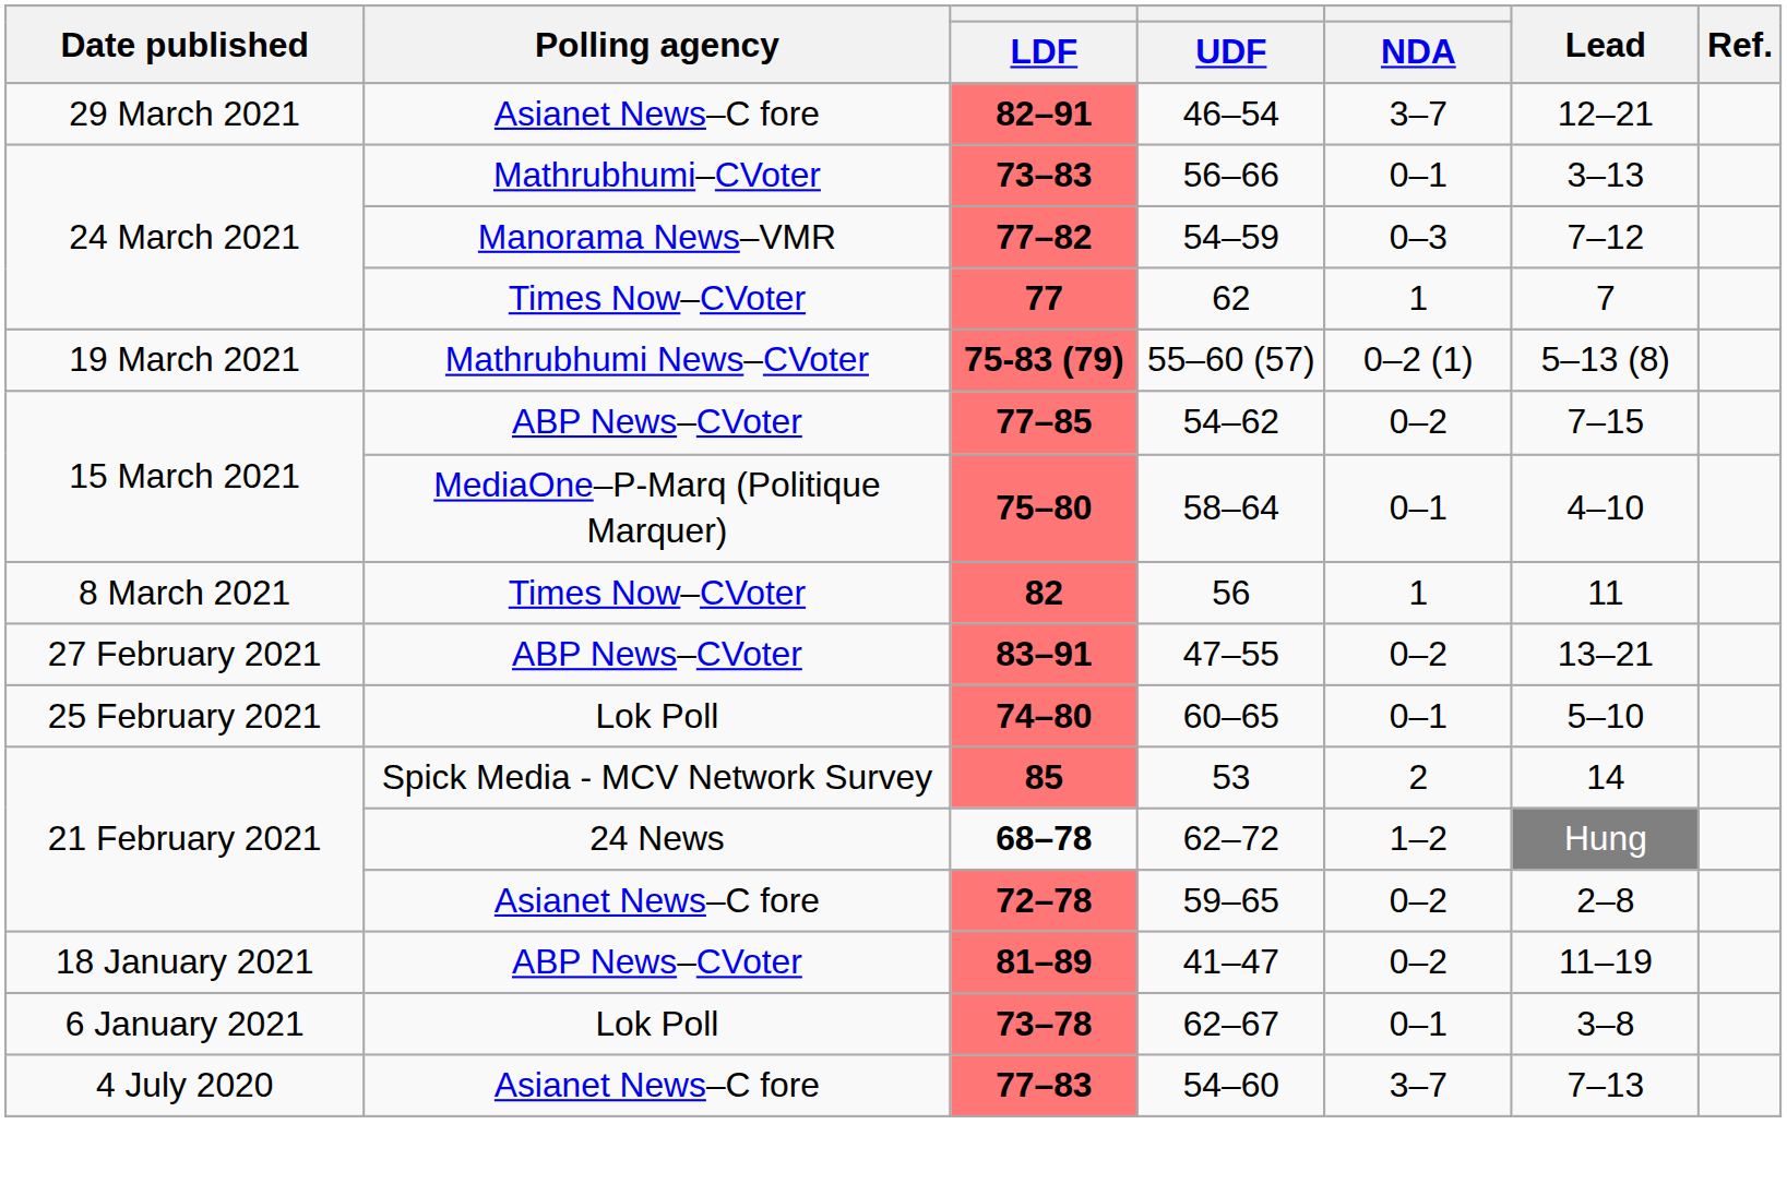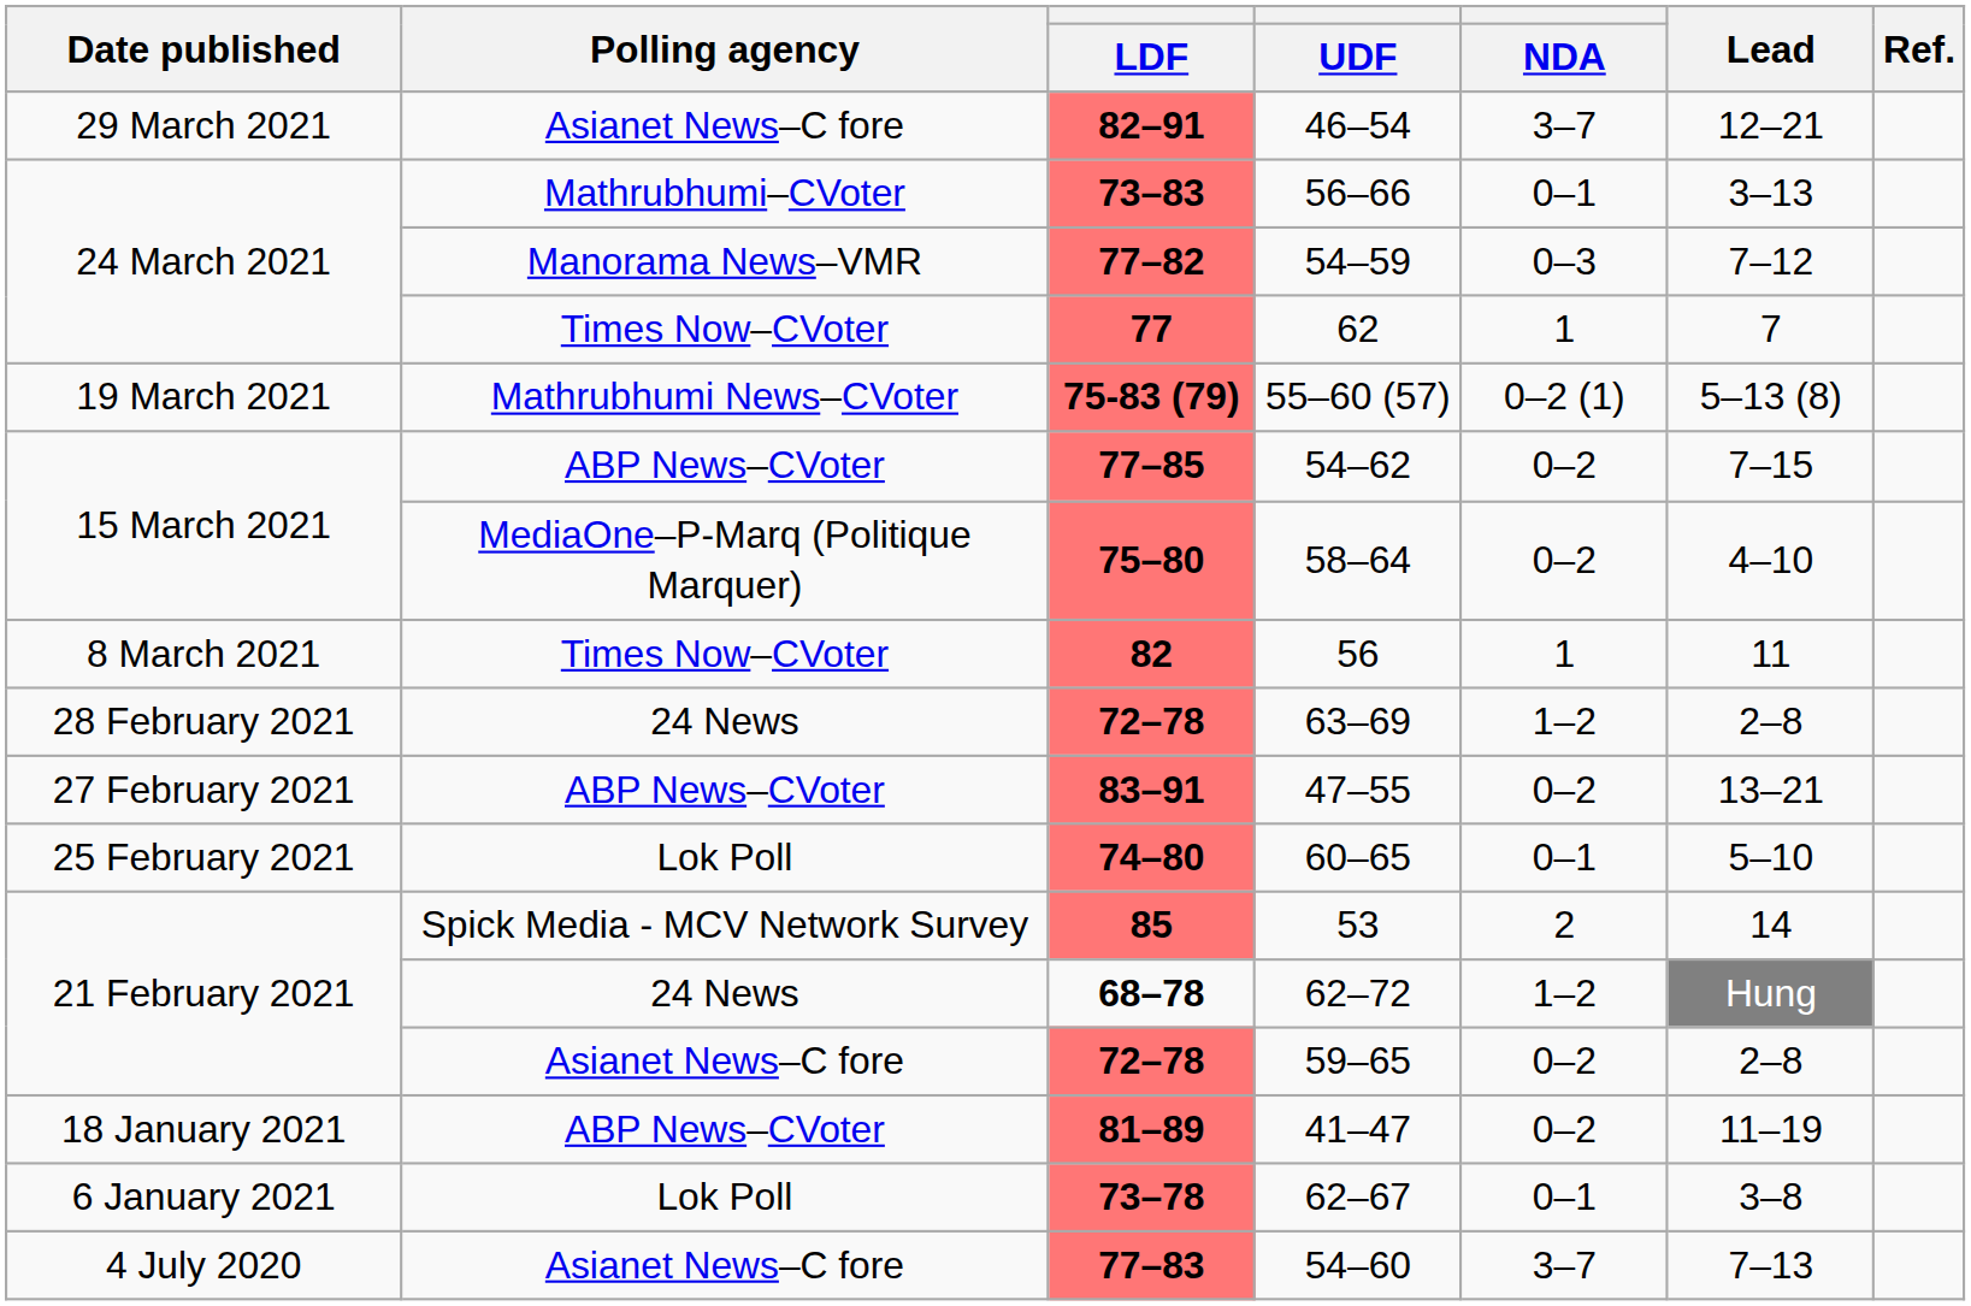 <table class="wikitable" style="text-align:center;font-size:95%;line-height:20px">
 <tr>
 <th rowspan="2" width="150px">Date published</th>
 <th rowspan="2" width="250px">Polling agency</th>
 <th style="color:inherit;background:"></th>
 <th style="color:inherit;background:"></th>
 <th style="color:inherit;background:"></th>
 <th rowspan="2" width="75px">Lead</th>
 <th rowspan="2">Ref.</th>
 </tr>
 <tr>
 <th style="width:75px;"><a href='#'>LDF</a></th>
 <th style="width:75px;"><a href='#'>UDF</a></th>
 <th style="width:75px;"><a href='#'>NDA</a></th>
 </tr>
 <tr>
 <td>29 March 2021</td>
 <td><a href='#'>Asianet News</a>–C fore</td>
 <td style="background:#FF7676;"><strong>82–91</strong></td>
 <td>46–54</td>
 <td>3–7</td>
 <td style="background:">12–21</td>
 <td></td>
 </tr>
 <tr>
 <td rowspan="3">24 March 2021</td>
 <td><a href='#'>Mathrubhumi</a>–<a href='#'>CVoter</a></td>
 <td style="background:#FF7676;"><strong>73–83</strong></td>
 <td>56–66</td>
 <td>0–1</td>
 <td style="background:">3–13</td>
 <td></td>
 </tr>
 <tr>
 <td><a href='#'>Manorama News</a>–VMR</td>
 <td style="background:#FF7676;"><strong>77–82</strong></td>
 <td>54–59</td>
 <td>0–3</td>
 <td style="background:">7–12</td>
 <td></td>
 </tr>
 <tr>
 <td><a href='#'>Times Now</a>–<a href='#'>CVoter</a></td>
 <td style="background:#FF7676;"><strong>77</strong></td>
 <td>62</td>
 <td>1</td>
 <td style="background:">7</td>
 <td></td>
 </tr>
 <tr>
 <td>19 March 2021</td>
 <td><a href='#'>Mathrubhumi News</a>–<a href='#'>CVoter</a></td>
 <td style="background:#FF7676;"><strong>75-83 (79)</strong></td>
 <td>55–60 (57)</td>
 <td>0–2 (1)</td>
 <td style="background:">5–13 (8)</td>
 <td></td>
 </tr>
 <tr>
 <td rowspan="2">15 March 2021</td>
 <td><a href='#'>ABP News</a>–<a href='#'>CVoter</a></td>
 <td style="background:#FF7676;"><strong>77–85</strong></td>
 <td>54–62</td>
 <td>0–2</td>
 <td style="background:">7–15</td>
 <td></td>
 </tr>
 <tr>
 <td><a href='#'>MediaOne</a>–P-Marq (Politique Marquer)</td>
 <td style="background:#FF7676;"><strong>75–80</strong></td>
 <td>58–64</td>
-<td>0–1</td>
+<td>0–2</td>
 <td style="background:">4–10</td>
 <td></td>
 </tr>
 <tr>
 <td>8 March 2021</td>
 <td><a href='#'>Times Now</a>–<a href='#'>CVoter</a></td>
 <td style="background:#FF7676;"><strong>82</strong></td>
 <td>56</td>
 <td>1</td>
 <td style="background:">11</td>
+<td></td>
+</tr>
+<tr>
+<td>28 February 2021</td>
+<td>24 News</td>
+<td style="background:#FF7676;"><strong>72–78</strong></td>
+<td>63–69</td>
+<td>1–2</td>
+<td style="background:">2–8</td>
 <td></td>
 </tr>
 <tr>
 <td>27 February 2021</td>
 <td><a href='#'>ABP News</a>–<a href='#'>CVoter</a></td>
 <td style="background:#FF7676;"><strong>83–91</strong></td>
 <td>47–55</td>
 <td>0–2</td>
 <td style="background:">13–21</td>
 <td></td>
 </tr>
 <tr>
 <td>25 February 2021</td>
 <td>Lok Poll</td>
 <td style="background:#FF7676;"><strong>74–80</strong></td>
 <td>60–65</td>
 <td>0–1</td>
 <td style="background:">5–10</td>
 <td></td>
 </tr>
 <tr>
 <td rowspan="3">21 February 2021</td>
 <td>Spick Media - MCV Network Survey</td>
 <td style="background:#FF7676;"><strong>85</strong></td>
 <td>53</td>
 <td>2</td>
 <td style="background:">14</td>
 <td></td>
 </tr>
 <tr>
 <td>24 News</td>
 <td><strong>68–78</strong></td>
 <td>62–72</td>
 <td>1–2</td>
 <td style="background:gray; color:white">Hung</td>
 <td></td>
 </tr>
 <tr>
 <td><a href='#'>Asianet News</a>–C fore</td>
 <td style="background:#FF7676;"><strong>72–78</strong></td>
 <td>59–65</td>
 <td>0–2</td>
 <td style="background:">2–8</td>
 <td></td>
 </tr>
 <tr>
 <td>18 January 2021</td>
 <td><a href='#'>ABP News</a>–<a href='#'>CVoter</a></td>
 <td style="background:#FF7676;"><strong>81–89</strong></td>
 <td>41–47</td>
 <td>0–2</td>
 <td style="background:">11–19</td>
 <td></td>
 </tr>
 <tr>
 <td>6 January 2021</td>
 <td>Lok Poll</td>
 <td style="background:#FF7676;"><strong>73–78</strong></td>
 <td>62–67</td>
 <td>0–1</td>
 <td style="background:">3–8</td>
 <td></td>
 </tr>
 <tr>
 <td>4 July 2020</td>
 <td><a href='#'>Asianet News</a>–C fore</td>
 <td style="background:#FF7676;"><strong>77–83</strong></td>
 <td>54–60</td>
 <td>3–7</td>
 <td style="background:">7–13</td>
 <td></td>
 </tr>
 </table>
